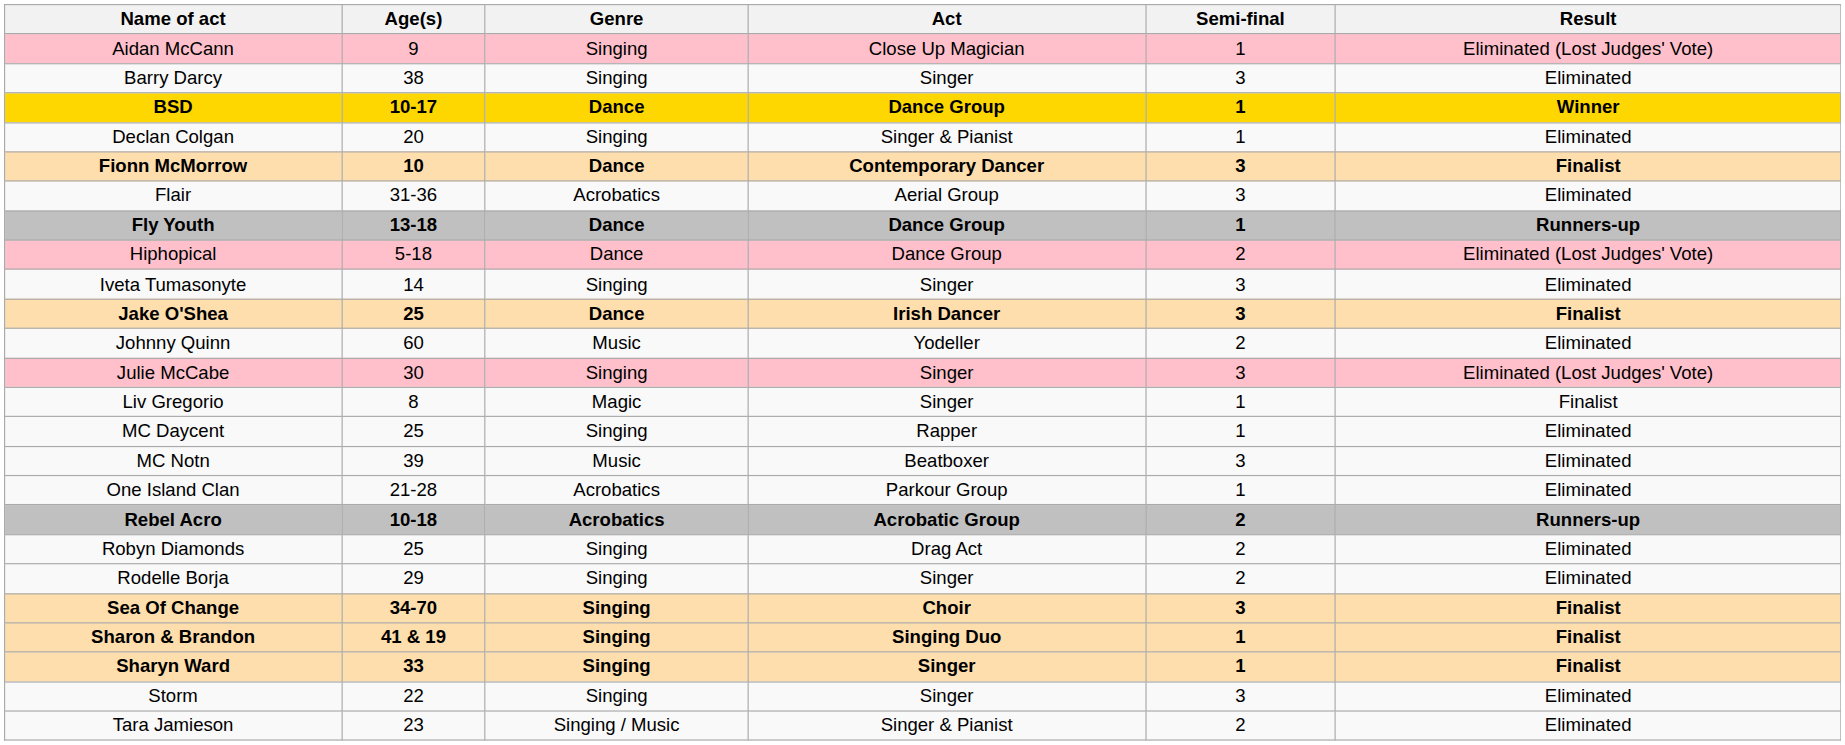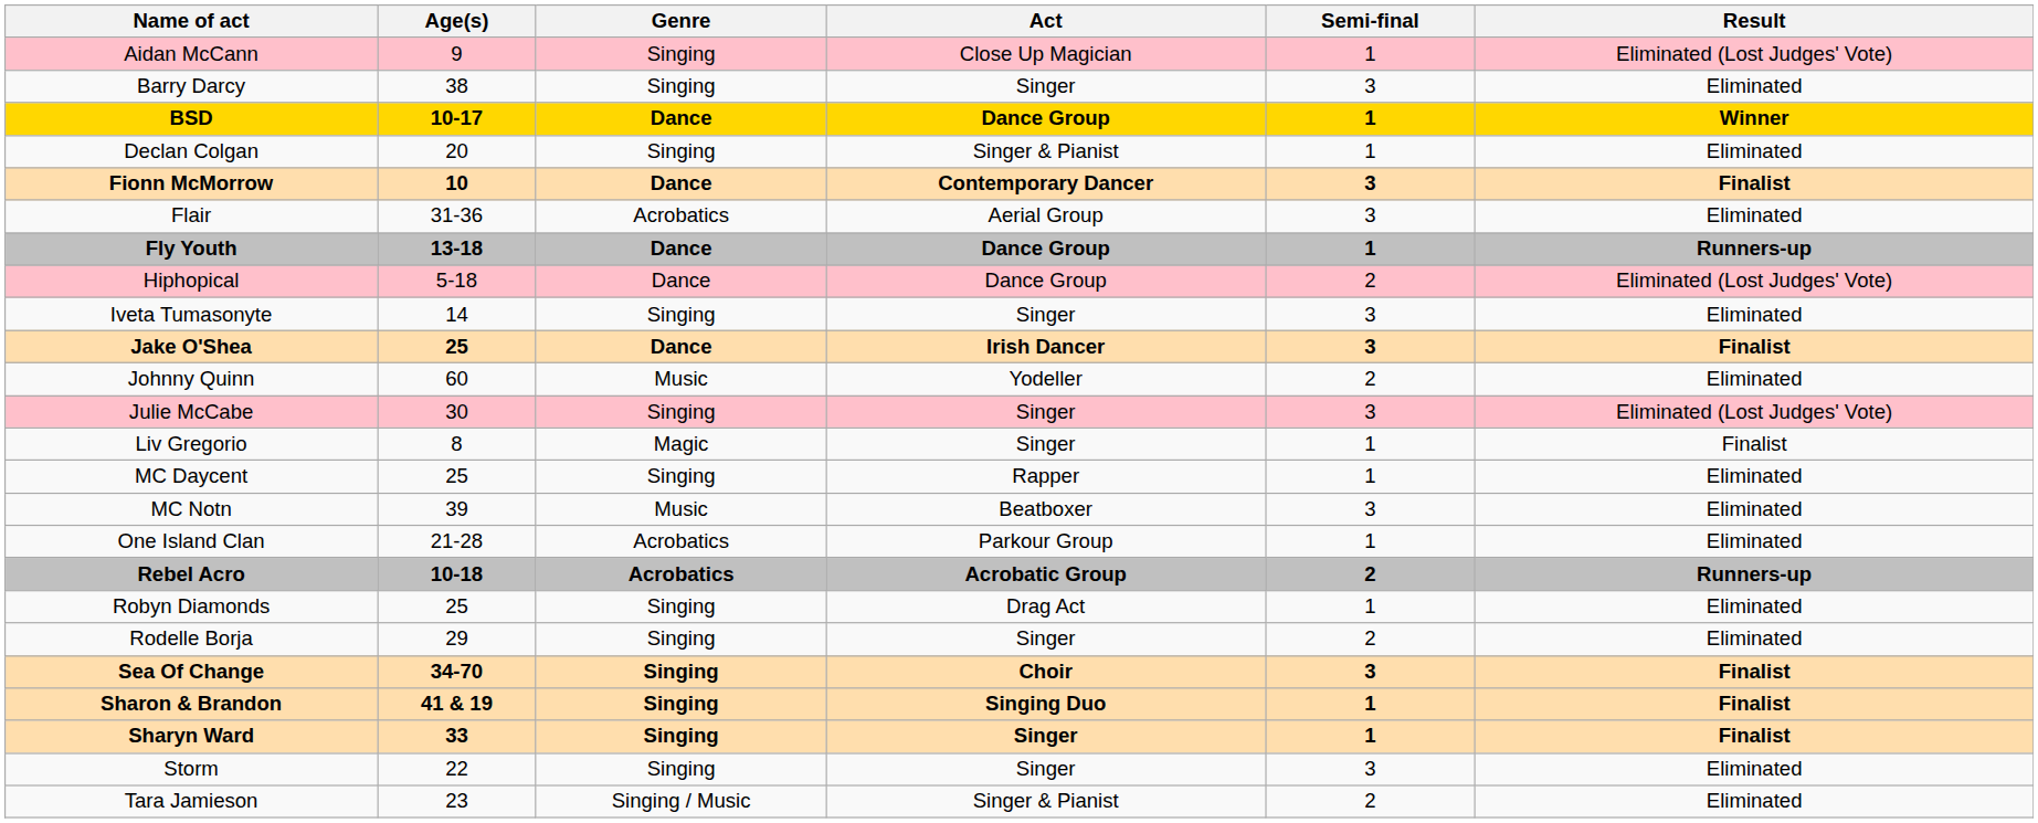 <table class="wikitable sortable" style="width:100%; text-align:center;">
 <tr>
 <th>Name of act</th>
 <th data-sort-type="number">Age(s)</th>
 <th>Genre</th>
 <th>Act</th>
 <th>Semi-final</th>
 <th>Result</th>
 </tr>
 <tr style="background:pink;">
 <td>Aidan McCann</td>
 <td>9</td>
 <td>Singing</td>
 <td>Close Up Magician</td>
 <td>1</td>
 <td>Eliminated (Lost Judges' Vote)</td>
 </tr>
 <tr>
 <td>Barry Darcy </td>
 <td>38</td>
 <td>Singing</td>
 <td>Singer</td>
 <td>3</td>
 <td>Eliminated</td>
 </tr>
 <tr style="font-weight:bold;background:gold">
 <td>BSD </td>
 <td>10-17</td>
 <td>Dance</td>
 <td>Dance Group</td>
 <td>1</td>
 <td>Winner</td>
 </tr>
 <tr>
 <td>Declan Colgan</td>
 <td>20</td>
 <td>Singing</td>
 <td>Singer & Pianist</td>
 <td>1</td>
 <td>Eliminated</td>
 </tr>
 <tr style="font-weight:bold;background:navajowhite">
 <td>Fionn McMorrow</td>
 <td>10</td>
 <td>Dance</td>
 <td>Contemporary Dancer</td>
 <td>3</td>
 <td>Finalist</td>
 </tr>
 <tr>
 <td>Flair</td>
 <td>31-36</td>
 <td>Acrobatics</td>
 <td>Aerial Group</td>
 <td>3</td>
 <td>Eliminated</td>
 </tr>
 <tr style="font-weight:bold;background:Silver">
 <td>Fly Youth</td>
 <td>13-18</td>
 <td>Dance</td>
 <td>Dance Group</td>
 <td>1</td>
 <td>Runners-up</td>
 </tr>
 <tr style="background:pink;">
 <td>Hiphopical</td>
 <td>5-18</td>
 <td>Dance</td>
 <td>Dance Group</td>
 <td>2</td>
 <td>Eliminated (Lost Judges' Vote)</td>
 </tr>
 <tr>
 <td>Iveta Tumasonyte </td>
 <td>14</td>
 <td>Singing</td>
 <td>Singer</td>
 <td>3</td>
 <td>Eliminated</td>
 </tr>
 <tr style="font-weight:bold;background:navajowhite">
 <td>Jake O'Shea</td>
 <td>25</td>
 <td>Dance</td>
 <td>Irish Dancer</td>
 <td>3</td>
 <td>Finalist</td>
 </tr>
 <tr>
 <td>Johnny Quinn</td>
 <td>60</td>
 <td>Music</td>
 <td>Yodeller</td>
 <td>2</td>
 <td>Eliminated</td>
 </tr>
 <tr style="background:pink;">
 <td>Julie McCabe</td>
 <td>30</td>
 <td>Singing</td>
 <td>Singer</td>
 <td>3</td>
 <td>Eliminated (Lost Judges' Vote)</td>
 </tr>
 <tr>
 <td>Liv Gregorio</td>
 <td>8</td>
 <td>Magic</td>
 <td>Singer</td>
 <td>1</td>
 <td>Finalist</td>
 </tr>
 <tr>
 <td>MC Daycent</td>
 <td>25</td>
 <td>Singing</td>
 <td>Rapper</td>
 <td>1</td>
 <td>Eliminated</td>
 </tr>
 <tr>
 <td>MC Notn</td>
 <td>39</td>
 <td>Music</td>
 <td>Beatboxer</td>
 <td>3</td>
 <td>Eliminated</td>
 </tr>
 <tr>
 <td>One Island Clan</td>
 <td>21-28</td>
 <td>Acrobatics</td>
 <td>Parkour Group</td>
 <td>1</td>
 <td>Eliminated</td>
 </tr>
 <tr style="font-weight:bold;background:Silver">
 <td>Rebel Acro</td>
 <td>10-18</td>
 <td>Acrobatics</td>
 <td>Acrobatic Group</td>
 <td>2</td>
 <td>Runners-up</td>
 </tr>
 <tr>
 <td>Robyn Diamonds</td>
 <td>25</td>
 <td>Singing</td>
 <td>Drag Act</td>
-<td>2</td>
+<td>1</td>
 <td>Eliminated</td>
 </tr>
 <tr>
 <td>Rodelle Borja</td>
 <td>29</td>
 <td>Singing</td>
 <td>Singer</td>
 <td>2</td>
 <td>Eliminated</td>
 </tr>
 <tr style="font-weight:bold;background:navajowhite">
 <td>Sea Of Change </td>
 <td>34-70</td>
 <td>Singing</td>
 <td>Choir</td>
 <td>3</td>
 <td>Finalist</td>
 </tr>
 <tr style="font-weight:bold;background:navajowhite">
 <td>Sharon & Brandon </td>
 <td>41 & 19</td>
 <td>Singing</td>
 <td>Singing Duo</td>
 <td>1</td>
 <td>Finalist</td>
 </tr>
 <tr style="font-weight:bold;background:navajowhite">
 <td>Sharyn Ward</td>
 <td>33</td>
 <td>Singing</td>
 <td>Singer</td>
 <td>1</td>
 <td>Finalist</td>
 </tr>
 <tr>
 <td>Storm</td>
 <td>22</td>
 <td>Singing</td>
 <td>Singer</td>
 <td>3</td>
 <td>Eliminated</td>
 </tr>
 <tr>
 <td>Tara Jamieson</td>
 <td>23</td>
 <td>Singing / Music</td>
 <td>Singer & Pianist</td>
 <td>2</td>
 <td>Eliminated</td>
 </tr>
 </table>
